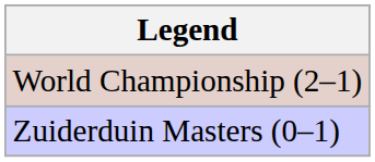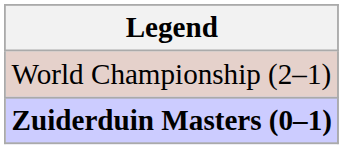 <table class="wikitable">
 <tr>
 <th>Legend</th>
 </tr>
 <tr style="background:#e5d1cb;">
 <td>World Championship (2–1)</td>
 </tr>
 <tr style="background:#ccf;">
-<td>Zuiderduin Masters (0–1)</td>
+<td><strong>Zuiderduin Masters (0–1)</strong></td>
 </tr>
 </table>
